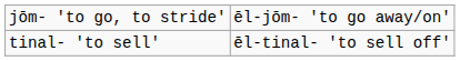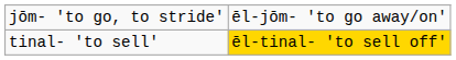 <table class="wikitable">
 <tr>
 <td>jōm- 'to go, to stride'</td>
 <td>ēl-jōm- 'to go away/on'</td>
 </tr>
 <tr>
 <td>tinal- 'to sell'</td>
-<td>ēl-tinal- 'to sell off'</td>
+<td style="background: gold;">ēl-tinal- 'to sell off'</td>
 </tr>
 </table>
